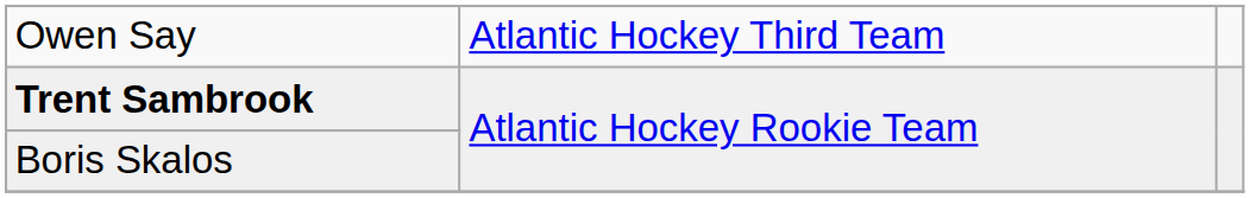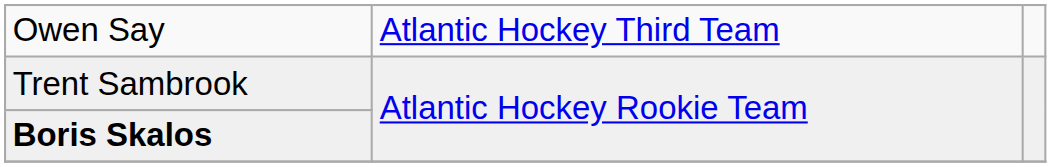 <table class="wikitable" width=40%>
 <tr>
 <td>Owen Say</td>
 <td rowspan=1><a href='#'>Atlantic Hockey Third Team</a></td>
 <td rowspan=1></td>
 </tr>
 <tr bgcolor=f0f0f0>
-<td><strong>Trent Sambrook</strong></td>
+<td>Trent Sambrook</td>
 <td rowspan=2><a href='#'>Atlantic Hockey Rookie Team</a></td>
 <td rowspan=2></td>
 </tr>
 <tr bgcolor=f0f0f0>
-<td>Boris Skalos</td>
+<td><strong>Boris Skalos</strong></td>
 </tr>
 <tr>
 </tr>
 </table>
